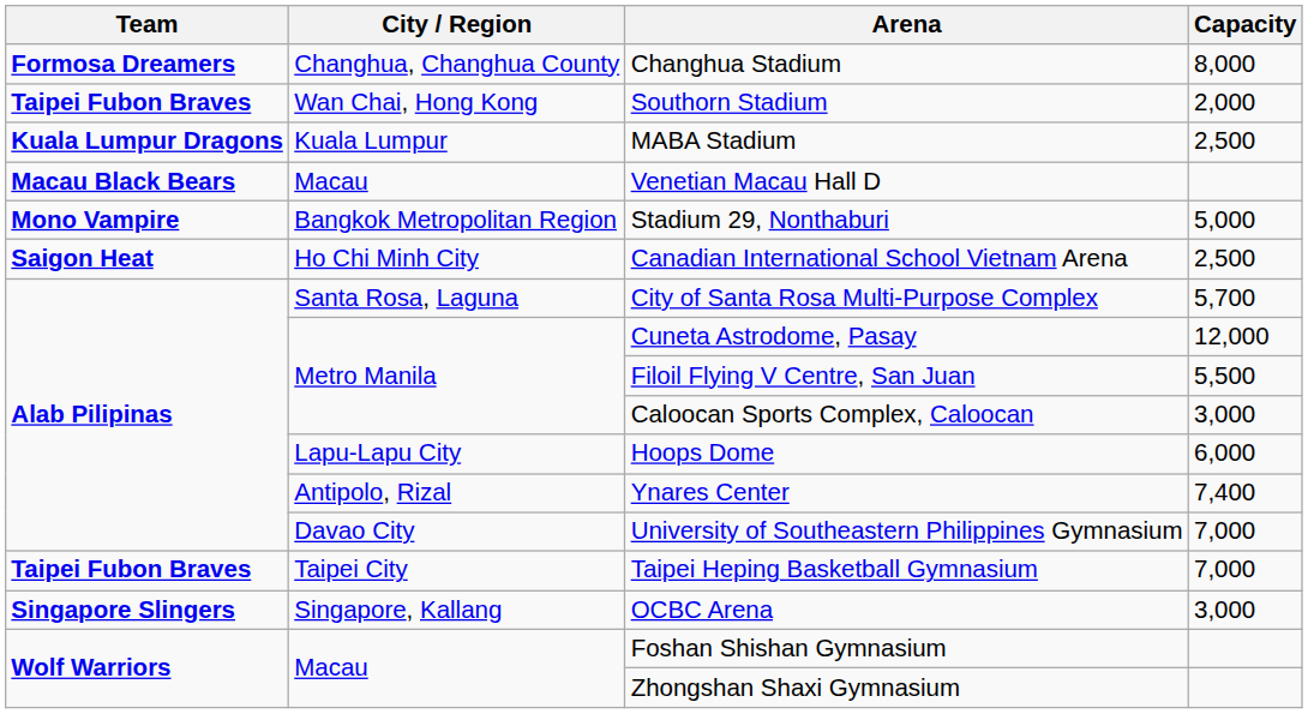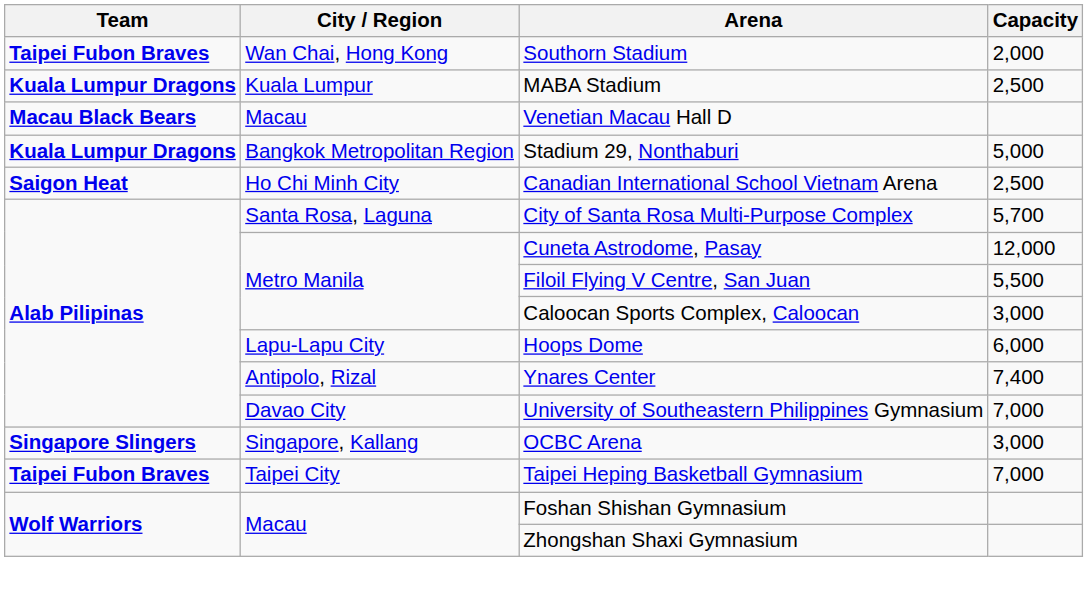 <table class="wikitable">
 <tr>
 <th>Team</th>
 <th>City / Region</th>
 <th>Arena</th>
 <th>Capacity</th>
-</tr>
-<tr>
-<td> <strong><a href='#'>Formosa Dreamers</a></strong></td>
-<td><a href='#'>Changhua</a>, <a href='#'>Changhua County</a></td>
-<td>Changhua Stadium</td>
-<td>8,000</td>
 </tr>
 <tr>
 <td> <strong><a href='#'>Taipei Fubon Braves</a></strong></td>
 <td><a href='#'>Wan Chai</a>, <a href='#'>Hong Kong</a></td>
 <td><a href='#'>Southorn Stadium</a></td>
 <td>2,000</td>
 </tr>
 <tr>
 <td> <strong><a href='#'>Kuala Lumpur Dragons</a></strong></td>
 <td><a href='#'>Kuala Lumpur</a></td>
 <td>MABA Stadium</td>
 <td>2,500</td>
 </tr>
 <tr>
 <td> <strong><a href='#'>Macau Black Bears</a></strong></td>
 <td><a href='#'>Macau</a></td>
 <td><a href='#'>Venetian Macau</a> Hall D</td>
 <td></td>
 </tr>
 <tr>
-<td> <strong><a href='#'>Mono Vampire</a></strong></td>
+<td> <strong><a href='#'>Kuala Lumpur Dragons</a></strong></td>
 <td><a href='#'>Bangkok Metropolitan Region</a></td>
 <td>Stadium 29, <a href='#'>Nonthaburi</a></td>
 <td>5,000</td>
 </tr>
 <tr>
 <td> <strong><a href='#'>Saigon Heat</a></strong></td>
 <td><a href='#'>Ho Chi Minh City</a></td>
 <td><a href='#'>Canadian International School Vietnam</a> Arena</td>
 <td>2,500</td>
 </tr>
 <tr>
 <td rowspan="7"> <strong><a href='#'>Alab Pilipinas</a></strong></td>
 <td><a href='#'>Santa Rosa</a>, <a href='#'>Laguna</a></td>
 <td><a href='#'>City of Santa Rosa Multi-Purpose Complex</a></td>
 <td>5,700</td>
 </tr>
 <tr>
 <td rowspan="3"><a href='#'>Metro Manila</a></td>
 <td><a href='#'>Cuneta Astrodome</a>, <a href='#'>Pasay</a></td>
 <td>12,000</td>
 </tr>
 <tr>
 <td><a href='#'>Filoil Flying V Centre</a>, <a href='#'>San Juan</a></td>
 <td>5,500</td>
 </tr>
 <tr>
 <td>Caloocan Sports Complex, <a href='#'>Caloocan</a></td>
 <td>3,000</td>
 </tr>
 <tr>
 <td><a href='#'>Lapu-Lapu City</a></td>
 <td><a href='#'>Hoops Dome</a></td>
 <td>6,000</td>
 </tr>
 <tr>
 <td><a href='#'>Antipolo</a>, <a href='#'>Rizal</a></td>
 <td><a href='#'>Ynares Center</a></td>
 <td>7,400</td>
 </tr>
 <tr>
 <td><a href='#'>Davao City</a></td>
 <td><a href='#'>University of Southeastern Philippines</a> Gymnasium</td>
 <td>7,000</td>
 </tr>
 <tr>
+<td>  <strong><a href='#'>Singapore Slingers</a></strong></td>
+<td><a href='#'>Singapore</a>, <a href='#'>Kallang</a></td>
+<td><a href='#'>OCBC Arena</a></td>
+<td>3,000</td>
+</tr>
+<tr>
 <td> <strong><a href='#'>Taipei Fubon Braves</a></strong></td>
 <td><a href='#'>Taipei City</a></td>
 <td><a href='#'>Taipei Heping Basketball Gymnasium</a></td>
 <td>7,000</td>
-</tr>
-<tr>
-<td>  <strong><a href='#'>Singapore Slingers</a></strong></td>
-<td><a href='#'>Singapore</a>, <a href='#'>Kallang</a></td>
-<td><a href='#'>OCBC Arena</a></td>
-<td>3,000</td>
 </tr>
 <tr>
 <td rowspan="2"> <strong><a href='#'>Wolf Warriors</a></strong></td>
 <td rowspan="2"><a href='#'>Macau</a></td>
 <td>Foshan Shishan Gymnasium</td>
 <td></td>
 </tr>
 <tr>
 <td>Zhongshan Shaxi Gymnasium</td>
 <td></td>
 </tr>
 </table>
